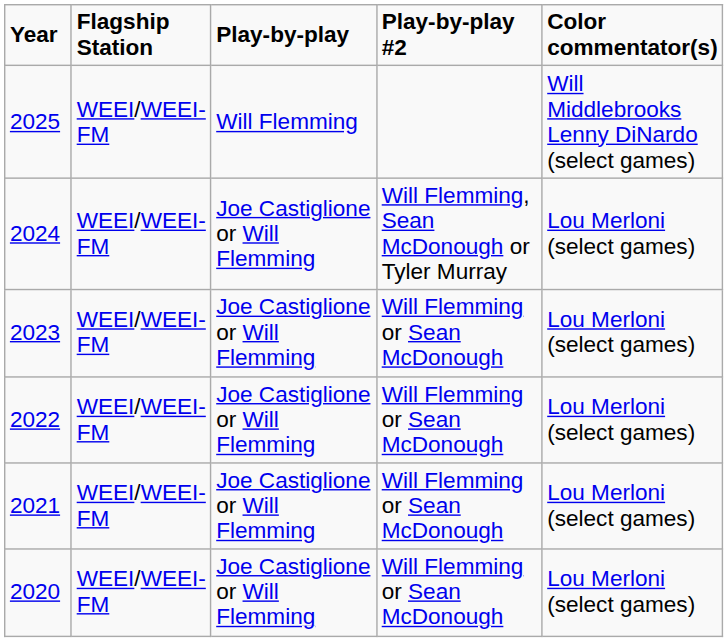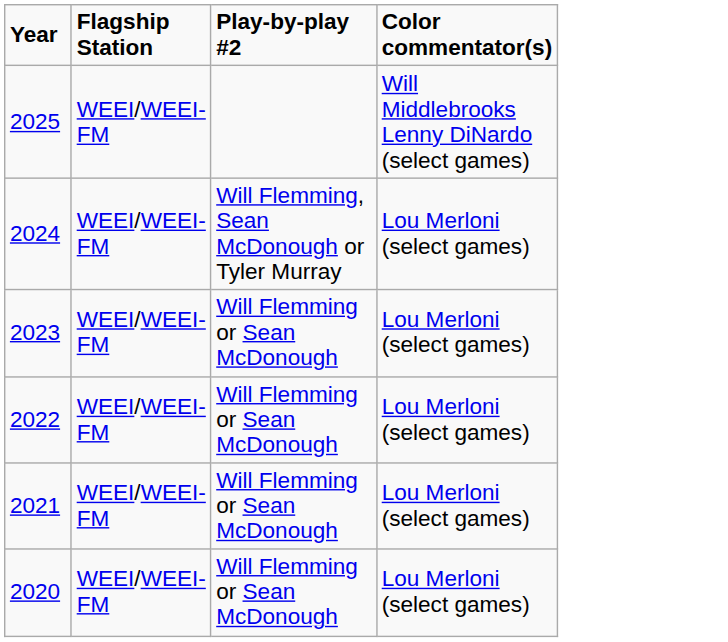 <table class="wikitable">
 <tr>
 <td width="40"><strong>Year</strong></td>
 <td width="40"><strong>Flagship Station</strong></td>
-<td width="110"><strong>Play-by-play</strong></td>
 <td width="110"><strong>Play-by-play #2</strong></td>
 <td width="110"><strong>Color commentator(s)</strong></td>
 </tr>
 <tr>
 <td><a href='#'>2025</a></td>
 <td><a href='#'>WEEI</a>/<a href='#'>WEEI-FM</a></td>
-<td><a href='#'>Will Flemming</a></td>
 <td></td>
 <td><a href='#'>Will Middlebrooks</a><br><a href='#'>Lenny DiNardo</a> (select games)</td>
 </tr>
 <tr>
 <td><a href='#'>2024</a></td>
 <td><a href='#'>WEEI</a>/<a href='#'>WEEI-FM</a></td>
-<td><a href='#'>Joe Castiglione</a> or <a href='#'>Will Flemming</a> </td>
 <td><a href='#'>Will Flemming</a>, <a href='#'>Sean McDonough</a> or Tyler Murray</td>
 <td><a href='#'>Lou Merloni</a> (select games)</td>
 </tr>
 <tr>
 <td><a href='#'>2023</a></td>
 <td><a href='#'>WEEI</a>/<a href='#'>WEEI-FM</a></td>
-<td><a href='#'>Joe Castiglione</a> or <a href='#'>Will Flemming</a> </td>
 <td><a href='#'>Will Flemming</a> or <a href='#'>Sean McDonough</a></td>
 <td><a href='#'>Lou Merloni</a> (select games)</td>
 </tr>
 <tr>
 <td><a href='#'>2022</a></td>
 <td><a href='#'>WEEI</a>/<a href='#'>WEEI-FM</a></td>
-<td><a href='#'>Joe Castiglione</a> or <a href='#'>Will Flemming</a> </td>
 <td><a href='#'>Will Flemming</a> or <a href='#'>Sean McDonough</a></td>
 <td><a href='#'>Lou Merloni</a> (select games)</td>
 </tr>
 <tr>
 <td><a href='#'>2021</a></td>
 <td><a href='#'>WEEI</a>/<a href='#'>WEEI-FM</a></td>
-<td><a href='#'>Joe Castiglione</a> or <a href='#'>Will Flemming</a> </td>
 <td><a href='#'>Will Flemming</a> or <a href='#'>Sean McDonough</a></td>
 <td><a href='#'>Lou Merloni</a> (select games)</td>
 </tr>
 <tr>
 <td><a href='#'>2020</a></td>
 <td><a href='#'>WEEI</a>/<a href='#'>WEEI-FM</a></td>
-<td><a href='#'>Joe Castiglione</a> or <a href='#'>Will Flemming</a> </td>
 <td><a href='#'>Will Flemming</a> or <a href='#'>Sean McDonough</a></td>
 <td><a href='#'>Lou Merloni</a> (select games)</td>
 </tr>
 </table>
